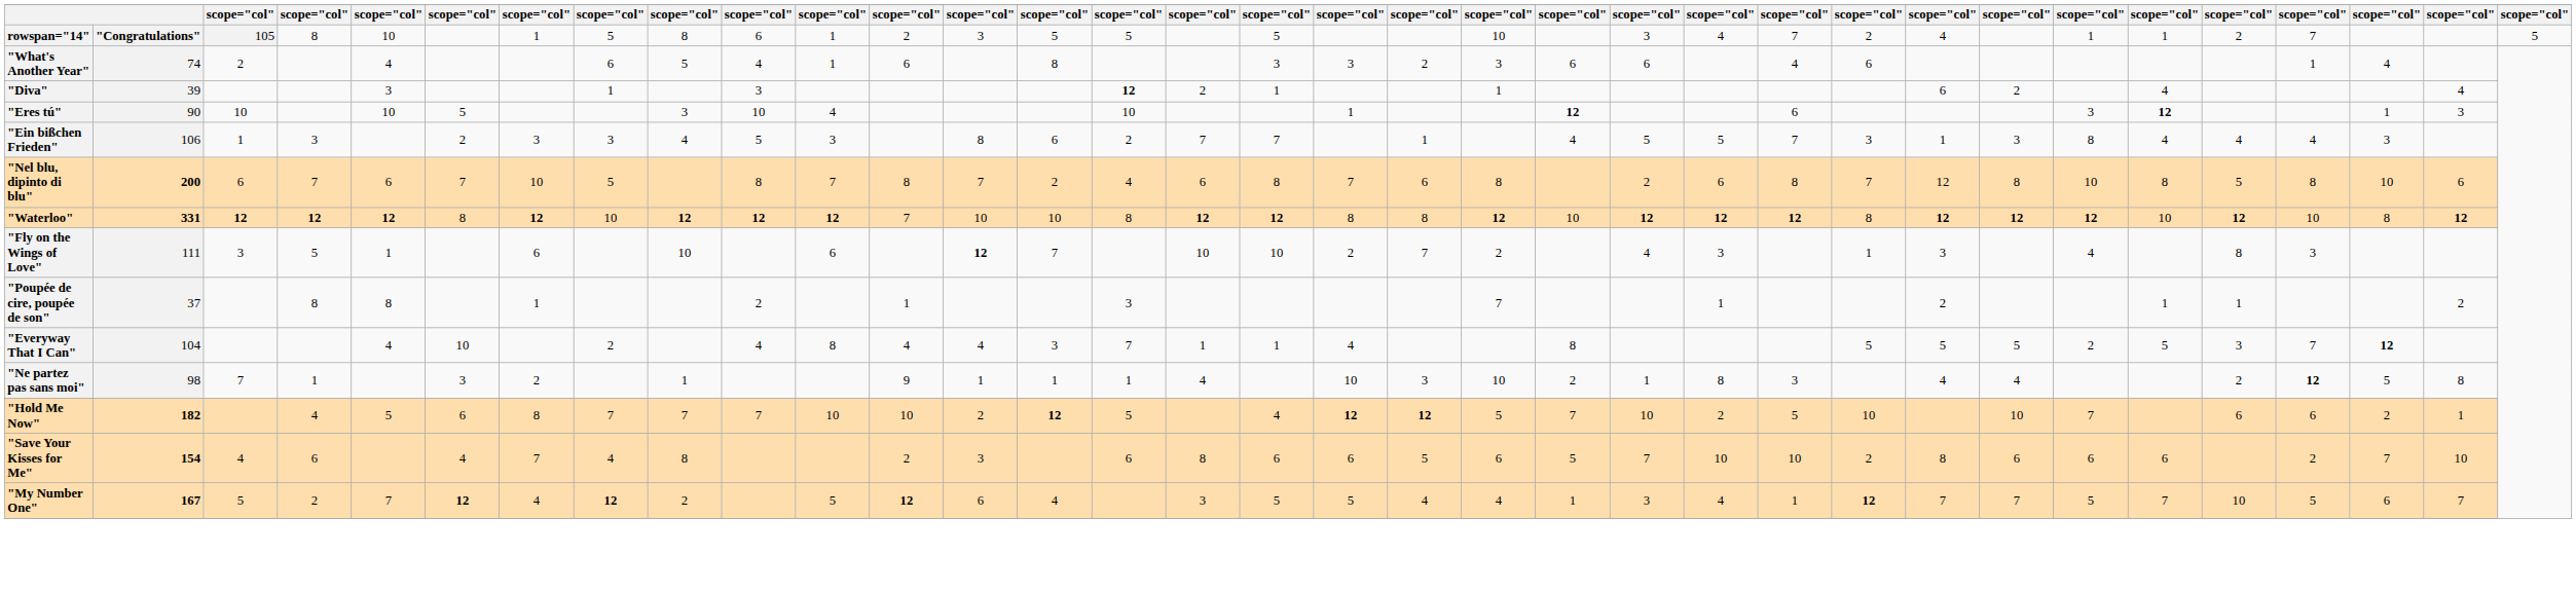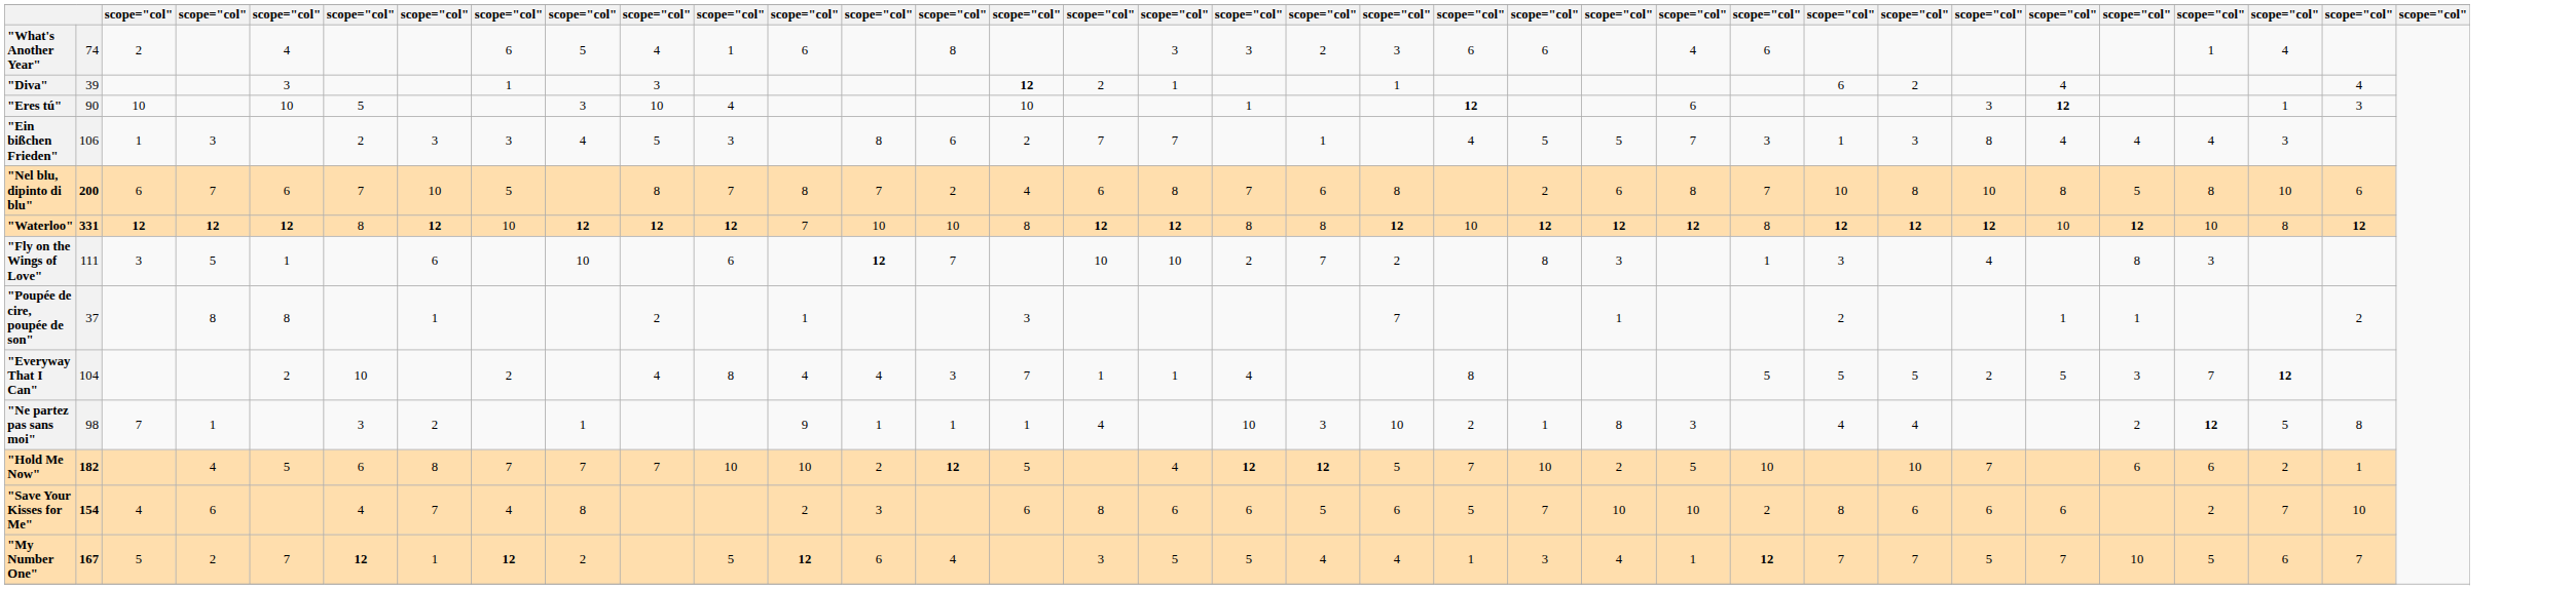 <table class="wikitable plainrowheaders" style="text-align:center;">
 <tr>
 </tr>
 <tr>
 <td colspan="2" style="text-align:left; background:#F2F2F2"></td>
 <th>scope="col" </th>
 <th>scope="col" </th>
 <th>scope="col" </th>
 <th>scope="col" </th>
 <th>scope="col" </th>
 <th>scope="col" </th>
 <th>scope="col" </th>
 <th>scope="col" </th>
 <th>scope="col" </th>
 <th>scope="col" </th>
 <th>scope="col" </th>
 <th>scope="col" </th>
 <th>scope="col" </th>
 <th>scope="col" </th>
 <th>scope="col" </th>
 <th>scope="col" </th>
 <th>scope="col" </th>
 <th>scope="col" </th>
 <th>scope="col" </th>
 <th>scope="col" </th>
 <th>scope="col" </th>
 <th>scope="col" </th>
 <th>scope="col" </th>
 <th>scope="col" </th>
 <th>scope="col" </th>
 <th>scope="col" </th>
 <th>scope="col" </th>
 <th>scope="col" </th>
 <th>scope="col" </th>
 <th>scope="col" </th>
 <th>scope="col" </th>
 <th>scope="col" </th>
-</tr>
-<tr>
-<th>rowspan="14" </th>
-<th scope="row" style="text-align:left; background:#f2f2f2;">"Congratulations"</th>
-<td style="text-align:right; background:#f2f2f2;">105</td>
-<td>8</td>
-<td>10</td>
-<td></td>
-<td>1</td>
-<td>5</td>
-<td>8</td>
-<td>6</td>
-<td>1</td>
-<td>2</td>
-<td>3</td>
-<td>5</td>
-<td>5</td>
-<td></td>
-<td>5</td>
-<td></td>
-<td></td>
-<td>10</td>
-<td></td>
-<td>3</td>
-<td>4</td>
-<td>7</td>
-<td>2</td>
-<td>4</td>
-<td></td>
-<td>1</td>
-<td>1</td>
-<td>2</td>
-<td>7</td>
-<td></td>
-<td></td>
-<td>5</td>
 </tr>
 <tr>
 <th scope="row" style="text-align:left; background:#f2f2f2;">"What's Another Year"</th>
 <td style="text-align:right; background:#f2f2f2;">74</td>
 <td>2</td>
 <td></td>
 <td>4</td>
 <td></td>
 <td></td>
 <td>6</td>
 <td>5</td>
 <td>4</td>
 <td>1</td>
 <td>6</td>
 <td></td>
 <td>8</td>
 <td></td>
 <td></td>
 <td>3</td>
 <td>3</td>
 <td>2</td>
 <td>3</td>
 <td>6</td>
 <td>6</td>
 <td></td>
 <td>4</td>
 <td>6</td>
 <td></td>
 <td></td>
 <td></td>
 <td></td>
 <td></td>
 <td>1</td>
 <td>4</td>
 <td></td>
 </tr>
 <tr>
 <th scope="row" style="text-align:left; background:#f2f2f2;">"Diva"</th>
 <td style="text-align:right; background:#f2f2f2;">39</td>
 <td></td>
 <td></td>
 <td>3</td>
 <td></td>
 <td></td>
 <td>1</td>
 <td></td>
 <td>3</td>
 <td></td>
 <td></td>
 <td></td>
 <td></td>
 <td><strong>12</strong></td>
 <td>2</td>
 <td>1</td>
 <td></td>
 <td></td>
 <td>1</td>
 <td></td>
 <td></td>
 <td></td>
 <td></td>
 <td></td>
 <td>6</td>
 <td>2</td>
 <td></td>
 <td>4</td>
 <td></td>
 <td></td>
 <td></td>
 <td>4</td>
 </tr>
 <tr>
 <th scope="row" style="text-align:left; background:#f2f2f2;">"Eres tú"</th>
 <td style="text-align:right; background:#f2f2f2;">90</td>
 <td>10</td>
 <td></td>
 <td>10</td>
 <td>5</td>
 <td></td>
 <td></td>
 <td>3</td>
 <td>10</td>
 <td>4</td>
 <td></td>
 <td></td>
 <td></td>
 <td>10</td>
 <td></td>
 <td></td>
 <td>1</td>
 <td></td>
 <td></td>
 <td><strong>12</strong></td>
 <td></td>
 <td></td>
 <td>6</td>
 <td></td>
 <td></td>
 <td></td>
 <td>3</td>
 <td><strong>12</strong></td>
 <td></td>
 <td></td>
 <td>1</td>
 <td>3</td>
 </tr>
 <tr>
 <th scope="row" style="text-align:left; background:#f2f2f2;">"Ein bißchen Frieden"</th>
 <td style="text-align:right; background:#f2f2f2;">106</td>
 <td>1</td>
 <td>3</td>
 <td></td>
 <td>2</td>
 <td>3</td>
 <td>3</td>
 <td>4</td>
 <td>5</td>
 <td>3</td>
 <td></td>
 <td>8</td>
 <td>6</td>
 <td>2</td>
 <td>7</td>
 <td>7</td>
 <td></td>
 <td>1</td>
 <td></td>
 <td>4</td>
 <td>5</td>
 <td>5</td>
 <td>7</td>
 <td>3</td>
 <td>1</td>
 <td>3</td>
 <td>8</td>
 <td>4</td>
 <td>4</td>
 <td>4</td>
 <td>3</td>
 <td></td>
 </tr>
 <tr style="background:#ffdead;">
 <th scope="row" style="text-align:left; font-weight:bold; background:#ffdead;">"Nel blu, dipinto di blu"</th>
 <td style="text-align:right; font-weight:bold;">200</td>
 <td>6</td>
 <td>7</td>
 <td>6</td>
 <td>7</td>
 <td>10</td>
 <td>5</td>
 <td></td>
 <td>8</td>
 <td>7</td>
 <td>8</td>
 <td>7</td>
 <td>2</td>
 <td>4</td>
 <td>6</td>
 <td>8</td>
 <td>7</td>
 <td>6</td>
 <td>8</td>
 <td></td>
 <td>2</td>
 <td>6</td>
 <td>8</td>
 <td>7</td>
-<td>12</td>
+<td>10</td>
 <td>8</td>
 <td>10</td>
 <td>8</td>
 <td>5</td>
 <td>8</td>
 <td>10</td>
 <td>6</td>
 </tr>
 <tr style="background:#ffdead;">
 <th scope="row" style="text-align:left; font-weight:bold; background:#ffdead;">"Waterloo"</th>
 <td style="text-align:right; font-weight:bold;">331</td>
 <td><strong>12</strong></td>
 <td><strong>12</strong></td>
 <td><strong>12</strong></td>
 <td>8</td>
 <td><strong>12</strong></td>
 <td>10</td>
 <td><strong>12</strong></td>
 <td><strong>12</strong></td>
 <td><strong>12</strong></td>
 <td>7</td>
 <td>10</td>
 <td>10</td>
 <td>8</td>
 <td><strong>12</strong></td>
 <td><strong>12</strong></td>
 <td>8</td>
 <td>8</td>
 <td><strong>12</strong></td>
 <td>10</td>
 <td><strong>12</strong></td>
 <td><strong>12</strong></td>
 <td><strong>12</strong></td>
 <td>8</td>
 <td><strong>12</strong></td>
 <td><strong>12</strong></td>
 <td><strong>12</strong></td>
 <td>10</td>
 <td><strong>12</strong></td>
 <td>10</td>
 <td>8</td>
 <td><strong>12</strong></td>
 </tr>
 <tr>
 <th scope="row" style="text-align:left; background:#f2f2f2;">"Fly on the Wings of Love"</th>
 <td style="text-align:right; background:#f2f2f2;">111</td>
 <td>3</td>
 <td>5</td>
 <td>1</td>
 <td></td>
 <td>6</td>
 <td></td>
 <td>10</td>
 <td></td>
 <td>6</td>
 <td></td>
 <td><strong>12</strong></td>
 <td>7</td>
 <td></td>
 <td>10</td>
 <td>10</td>
 <td>2</td>
 <td>7</td>
 <td>2</td>
 <td></td>
-<td>4</td>
+<td>8</td>
 <td>3</td>
 <td></td>
 <td>1</td>
 <td>3</td>
 <td></td>
 <td>4</td>
 <td></td>
 <td>8</td>
 <td>3</td>
 <td></td>
 <td></td>
 </tr>
 <tr>
 <th scope="row" style="text-align:left; background:#f2f2f2;">"Poupée de cire, poupée de son"</th>
 <td style="text-align:right; background:#f2f2f2;">37</td>
 <td></td>
 <td>8</td>
 <td>8</td>
 <td></td>
 <td>1</td>
 <td></td>
 <td></td>
 <td>2</td>
 <td></td>
 <td>1</td>
 <td></td>
 <td></td>
 <td>3</td>
 <td></td>
 <td></td>
 <td></td>
 <td></td>
 <td>7</td>
 <td></td>
 <td></td>
 <td>1</td>
 <td></td>
 <td></td>
 <td>2</td>
 <td></td>
 <td></td>
 <td>1</td>
 <td>1</td>
 <td></td>
 <td></td>
 <td>2</td>
 </tr>
 <tr>
 <th scope="row" style="text-align:left; background:#f2f2f2;">"Everyway That I Can"</th>
 <td style="text-align:right; background:#f2f2f2;">104</td>
 <td></td>
 <td></td>
-<td>4</td>
+<td>2</td>
 <td>10</td>
 <td></td>
 <td>2</td>
 <td></td>
 <td>4</td>
 <td>8</td>
 <td>4</td>
 <td>4</td>
 <td>3</td>
 <td>7</td>
 <td>1</td>
 <td>1</td>
 <td>4</td>
 <td></td>
 <td></td>
 <td>8</td>
 <td></td>
 <td></td>
 <td></td>
 <td>5</td>
 <td>5</td>
 <td>5</td>
 <td>2</td>
 <td>5</td>
 <td>3</td>
 <td>7</td>
 <td><strong>12</strong></td>
 <td></td>
 </tr>
 <tr>
 <th scope="row" style="text-align:left; background:#f2f2f2;">"Ne partez pas sans moi"</th>
 <td style="text-align:right; background:#f2f2f2;">98</td>
 <td>7</td>
 <td>1</td>
 <td></td>
 <td>3</td>
 <td>2</td>
 <td></td>
 <td>1</td>
 <td></td>
 <td></td>
 <td>9</td>
 <td>1</td>
 <td>1</td>
 <td>1</td>
 <td>4</td>
 <td></td>
 <td>10</td>
 <td>3</td>
 <td>10</td>
 <td>2</td>
 <td>1</td>
 <td>8</td>
 <td>3</td>
 <td></td>
 <td>4</td>
 <td>4</td>
 <td></td>
 <td></td>
 <td>2</td>
 <td><strong>12</strong></td>
 <td>5</td>
 <td>8</td>
 </tr>
 <tr style="background:#ffdead;">
 <th scope="row" style="text-align:left; font-weight:bold; background:#ffdead;">"Hold Me Now"</th>
 <td style="text-align:right; font-weight:bold;">182</td>
 <td></td>
 <td>4</td>
 <td>5</td>
 <td>6</td>
 <td>8</td>
 <td>7</td>
 <td>7</td>
 <td>7</td>
 <td>10</td>
 <td>10</td>
 <td>2</td>
 <td><strong>12</strong></td>
 <td>5</td>
 <td></td>
 <td>4</td>
 <td><strong>12</strong></td>
 <td><strong>12</strong></td>
 <td>5</td>
 <td>7</td>
 <td>10</td>
 <td>2</td>
 <td>5</td>
 <td>10</td>
 <td></td>
 <td>10</td>
 <td>7</td>
 <td></td>
 <td>6</td>
 <td>6</td>
 <td>2</td>
 <td>1</td>
 </tr>
 <tr style="background:#ffdead;">
 <th scope="row" style="text-align:left; font-weight:bold; background:#ffdead;">"Save Your Kisses for Me"</th>
 <td style="text-align:right; font-weight:bold;">154</td>
 <td>4</td>
 <td>6</td>
 <td></td>
 <td>4</td>
 <td>7</td>
 <td>4</td>
 <td>8</td>
 <td></td>
 <td></td>
 <td>2</td>
 <td>3</td>
 <td></td>
 <td>6</td>
 <td>8</td>
 <td>6</td>
 <td>6</td>
 <td>5</td>
 <td>6</td>
 <td>5</td>
 <td>7</td>
 <td>10</td>
 <td>10</td>
 <td>2</td>
 <td>8</td>
 <td>6</td>
 <td>6</td>
 <td>6</td>
 <td></td>
 <td>2</td>
 <td>7</td>
 <td>10</td>
 </tr>
 <tr style="background:#ffdead;">
 <th scope="row" style="text-align:left; font-weight:bold; background:#ffdead;">"My Number One"</th>
 <td style="text-align:right; font-weight:bold;">167</td>
 <td>5</td>
 <td>2</td>
 <td>7</td>
 <td><strong>12</strong></td>
-<td>4</td>
+<td>1</td>
 <td><strong>12</strong></td>
 <td>2</td>
 <td></td>
 <td>5</td>
 <td><strong>12</strong></td>
 <td>6</td>
 <td>4</td>
 <td></td>
 <td>3</td>
 <td>5</td>
 <td>5</td>
 <td>4</td>
 <td>4</td>
 <td>1</td>
 <td>3</td>
 <td>4</td>
 <td>1</td>
 <td><strong>12</strong></td>
 <td>7</td>
 <td>7</td>
 <td>5</td>
 <td>7</td>
 <td>10</td>
 <td>5</td>
 <td>6</td>
 <td>7</td>
 </tr>
 <tr>
 </tr>
 </table>
